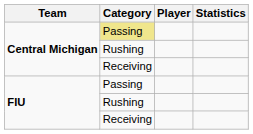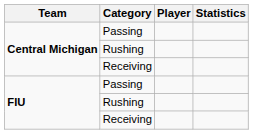 <table class="wikitable" style="float: right;">
 <tr>
 <th>Team</th>
 <th>Category</th>
 <th>Player</th>
 <th>Statistics</th>
 </tr>
 <tr>
 <td rowspan=3><strong>Central Michigan</strong></td>
-<td style="background: khaki;">Passing</td>
+<td>Passing</td>
 <td></td>
 <td></td>
 </tr>
 <tr>
 <td>Rushing</td>
 <td></td>
 <td></td>
 </tr>
 <tr>
 <td>Receiving</td>
 <td></td>
 <td></td>
 </tr>
 <tr>
 <td rowspan=3><strong>FIU</strong></td>
 <td>Passing</td>
 <td></td>
 <td></td>
 </tr>
 <tr>
 <td>Rushing</td>
 <td></td>
 <td></td>
 </tr>
 <tr>
 <td>Receiving</td>
 <td></td>
 <td></td>
 </tr>
 </table>
